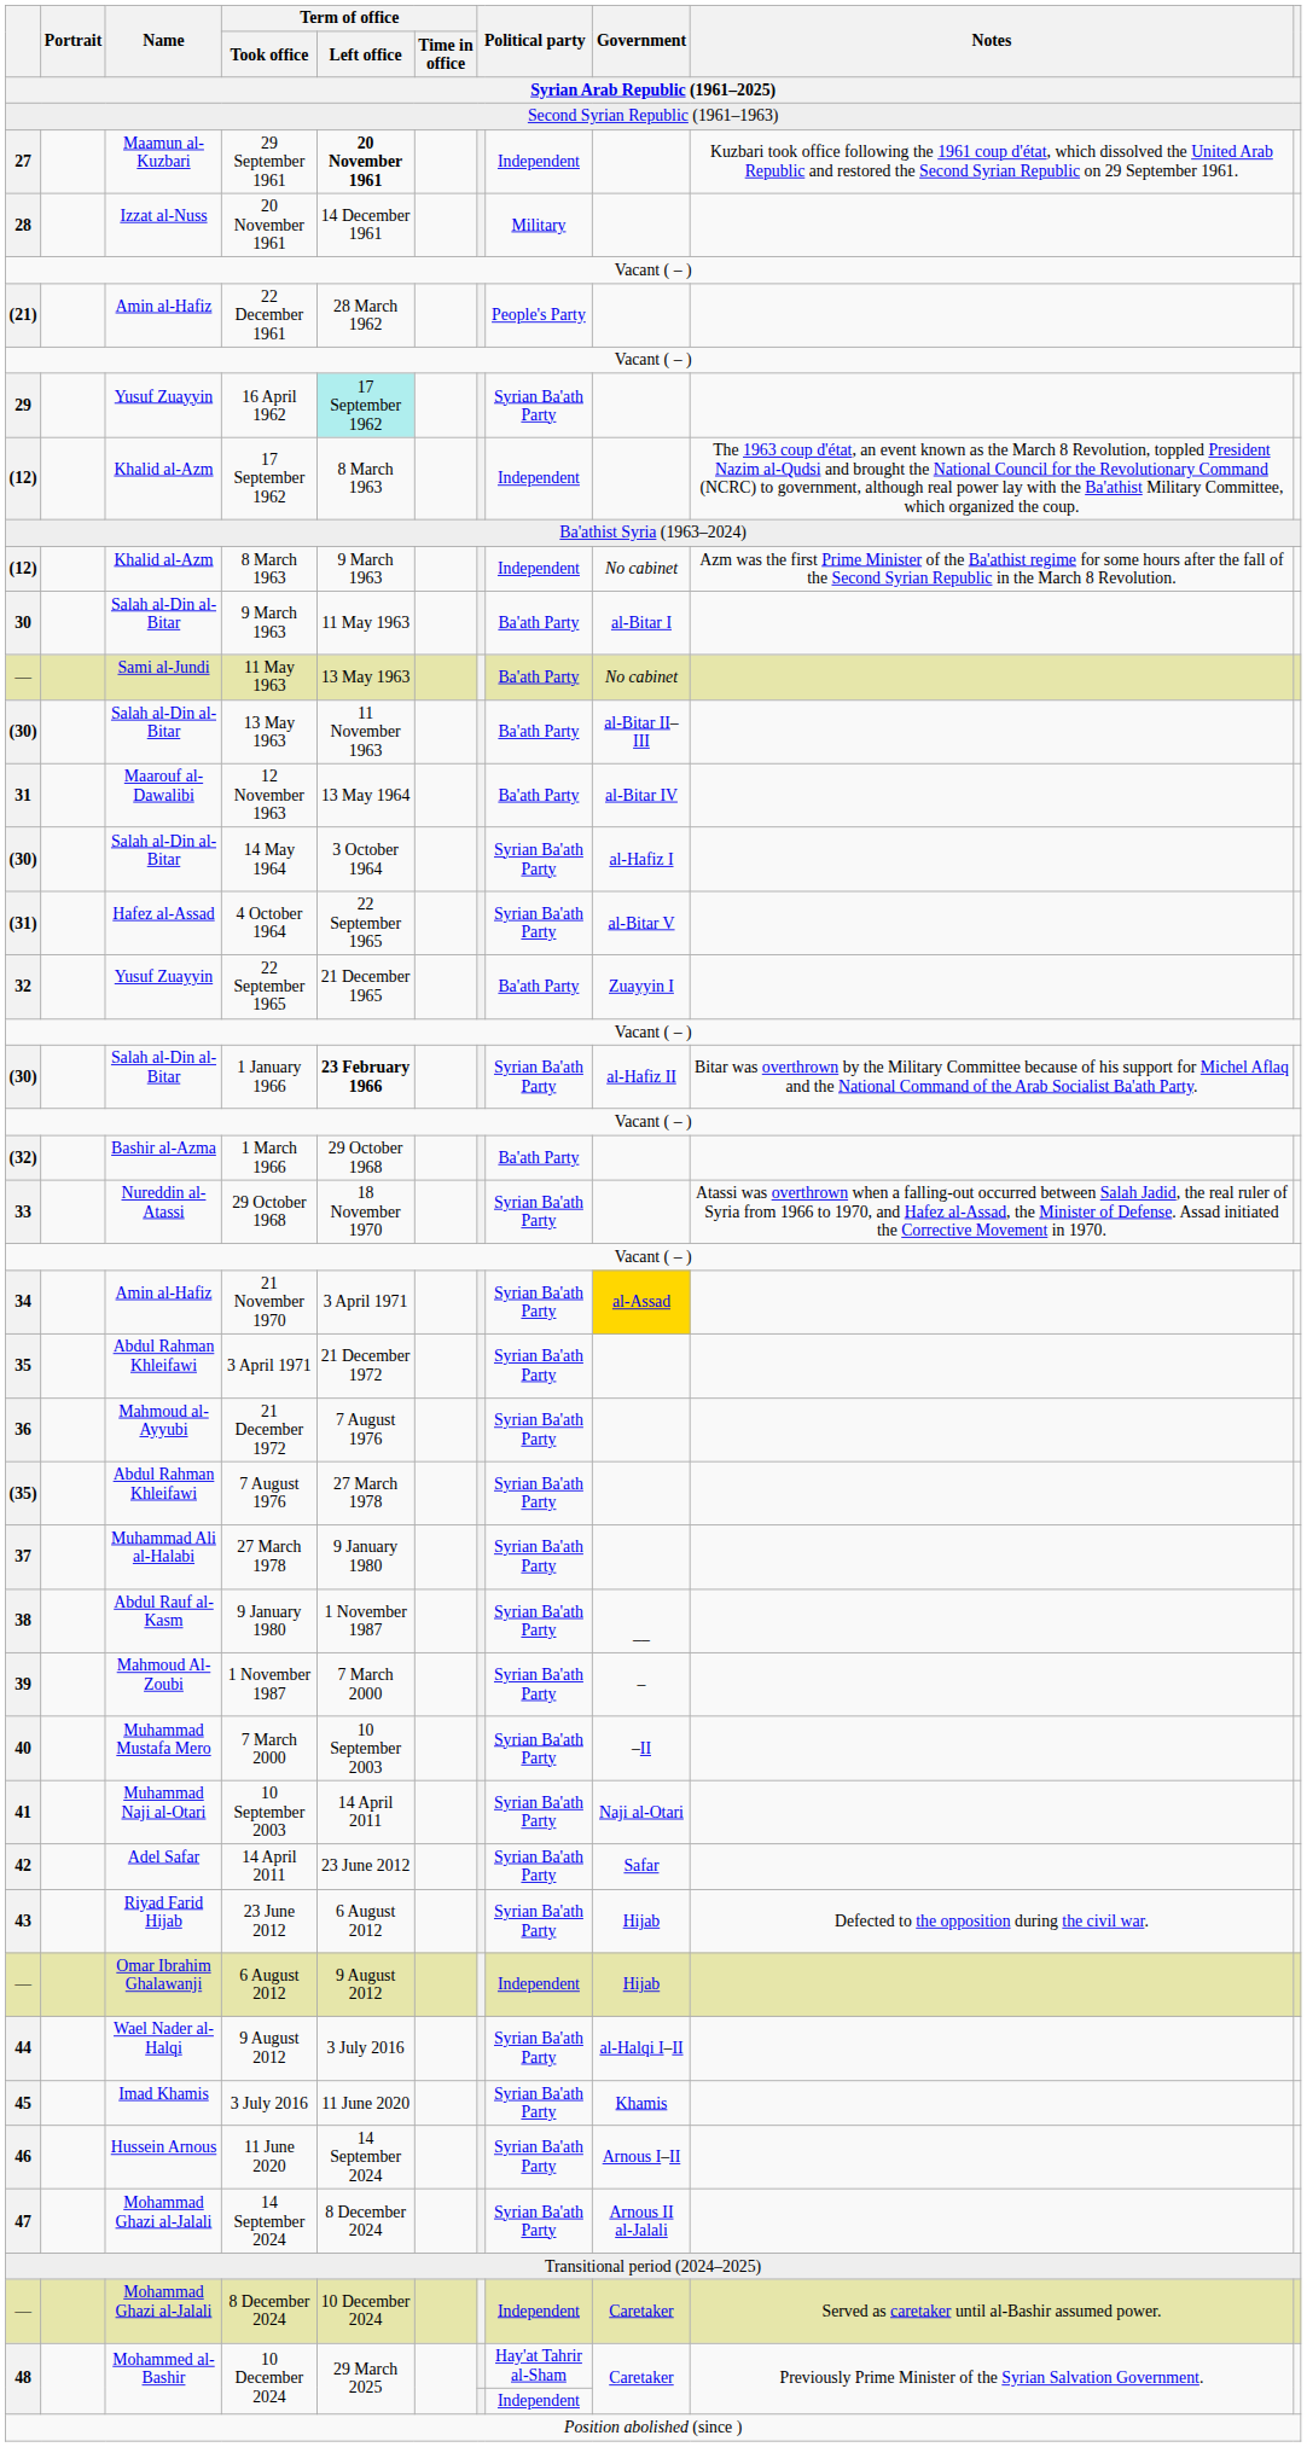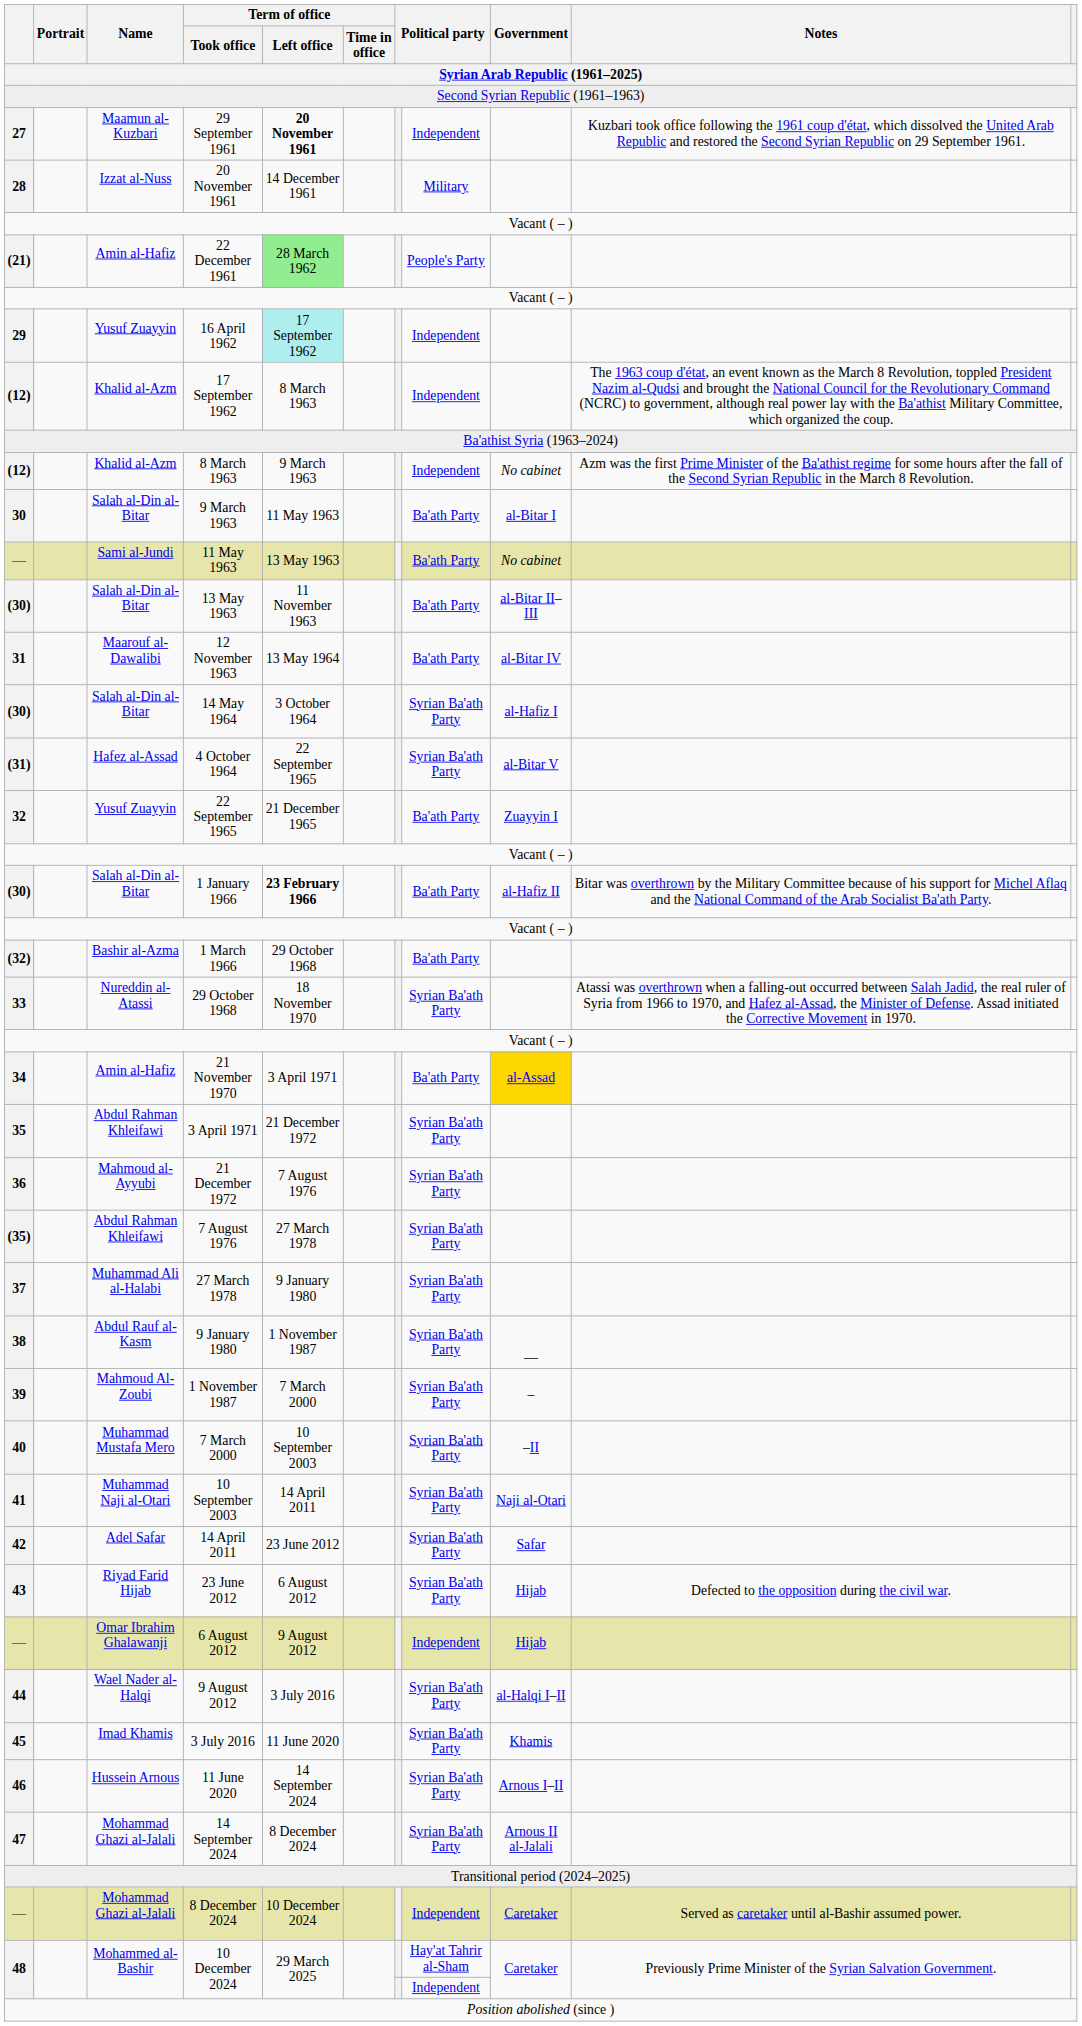 <table class="wikitable" style="text-align:center">
 <tr>
 <th rowspan="2"></th>
 <th rowspan="2">Portrait</th>
 <th rowspan="2">Name<br></th>
 <th colspan="3">Term of office</th>
 <th colspan="2" rowspan="2">Political party</th>
 <th rowspan="2">Government</th>
 <th rowspan="2">Notes</th>
 <th rowspan="2"></th>
 </tr>
 <tr>
 <th>Took office</th>
 <th>Left office</th>
 <th>Time in office</th>
 </tr>
 <tr>
 <th colspan="11"><a href='#'>Syrian Arab Republic</a> (1961–2025)</th>
 </tr>
 <tr>
 <td bgcolor=#EEEEEE colspan="11"><a href='#'>Second Syrian Republic</a> (1961–1963)</td>
 </tr>
 <tr>
 <th>27</th>
 <td></td>
 <td><a href='#'>Maamun al-Kuzbari</a><br><br></td>
 <td>29 September 1961</td>
 <td><strong>20 November 1961</strong></td>
 <td></td>
 <th style="background:"></th>
 <td><a href='#'>Independent</a></td>
 <td></td>
 <td>Kuzbari took office following the <a href='#'>1961 coup d'état</a>, which dissolved the <a href='#'>United Arab Republic</a> and restored the <a href='#'>Second Syrian Republic</a> on 29 September 1961.</td>
 <td></td>
 </tr>
 <tr>
 <th>28</th>
 <td></td>
 <td><a href='#'>Izzat al-Nuss</a><br><br></td>
 <td>20 November 1961</td>
 <td>14 December 1961</td>
 <td></td>
 <th style="background:"></th>
 <td><a href='#'>Military</a></td>
 <td><br></td>
 <td></td>
 <td></td>
 </tr>
 <tr>
 <td colspan="11">Vacant ( – )</td>
 </tr>
 <tr>
 <th>(21)</th>
 <td></td>
 <td><a href='#'>Amin al-Hafiz</a><br><br></td>
 <td>22 December 1961</td>
-<td>28 March 1962</td>
+<td style="background: lightgreen;">28 March 1962</td>
 <td></td>
 <th style="background:"></th>
 <td><a href='#'>People's Party</a></td>
 <td><br></td>
 <td></td>
 <td></td>
 </tr>
 <tr>
 <td colspan="11">Vacant ( – )</td>
 </tr>
 <tr>
 <th>29</th>
 <td></td>
 <td><a href='#'>Yusuf Zuayyin</a><br><br></td>
 <td>16 April 1962</td>
 <td style="background: paleturquoise;">17 September 1962</td>
 <td></td>
 <th style="background:"></th>
-<td><a href='#'>Syrian Ba'ath Party</a><br></td>
+<td><a href='#'>Independent</a></td>
 <td></td>
 <td></td>
 <td></td>
 </tr>
 <tr>
 <th>(12)</th>
 <td></td>
 <td><a href='#'>Khalid al-Azm</a><br><br></td>
 <td>17 September 1962</td>
 <td>8 March 1963</td>
 <td></td>
 <th style="background:"></th>
 <td><a href='#'>Independent</a></td>
 <td></td>
 <td>The <a href='#'>1963 coup d'état</a>, an event known as the March 8 Revolution, toppled <a href='#'>President</a> <a href='#'>Nazim al-Qudsi</a> and brought the <a href='#'>National Council for the Revolutionary Command</a> (NCRC) to government, although real power lay with the <a href='#'>Ba'athist</a> Military Committee, which organized the coup.</td>
 <td></td>
 </tr>
 <tr>
 <td bgcolor=#EEEEEE colspan="11"><a href='#'>Ba'athist Syria</a> (1963–2024)</td>
 </tr>
 <tr>
 <th>(12)</th>
 <td></td>
 <td><a href='#'>Khalid al-Azm</a><br><br></td>
 <td>8 March 1963</td>
 <td>9 March 1963</td>
 <td></td>
 <th style="background:"></th>
 <td><a href='#'>Independent</a></td>
 <td><em>No cabinet</em></td>
 <td>Azm was the first <a href='#'>Prime Minister</a> of the <a href='#'>Ba'athist regime</a> for some hours after the fall of the <a href='#'>Second Syrian Republic</a> in the March 8 Revolution.</td>
 <td></td>
 </tr>
 <tr>
 <th>30</th>
 <td></td>
 <td><a href='#'>Salah al-Din al-Bitar</a><br><br></td>
 <td>9 March 1963</td>
 <td>11 May 1963</td>
 <td></td>
 <th style="background:"></th>
 <td><a href='#'>Ba'ath Party</a><br></td>
 <td><a href='#'>al-Bitar I</a></td>
 <td></td>
 <td></td>
 </tr>
 <tr style="background-color:#E6E6AA">
 <td>—</td>
 <td></td>
 <td><a href='#'>Sami al-Jundi</a><br><br></td>
 <td>11 May 1963</td>
 <td>13 May 1963</td>
 <td></td>
 <th style="background:"></th>
 <td><a href='#'>Ba'ath Party</a><br></td>
 <td><em>No cabinet</em></td>
 <td></td>
 <td></td>
 </tr>
 <tr>
 <th>(30)</th>
 <td></td>
 <td><a href='#'>Salah al-Din al-Bitar</a><br><br></td>
 <td>13 May 1963</td>
 <td>11 November 1963</td>
 <td></td>
 <th style="background:"></th>
 <td><a href='#'>Ba'ath Party</a><br></td>
 <td><a href='#'>al-Bitar II</a>–<a href='#'>III</a></td>
 <td></td>
 <td></td>
 </tr>
 <tr>
 <th>31</th>
 <td></td>
 <td><a href='#'>Maarouf al-Dawalibi</a><br><br></td>
 <td>12 November 1963</td>
 <td>13 May 1964</td>
 <td></td>
 <th style="background:"></th>
 <td><a href='#'>Ba'ath Party</a><br></td>
 <td><a href='#'>al-Bitar IV</a></td>
 <td></td>
 <td></td>
 </tr>
 <tr>
 <th>(30)</th>
 <td></td>
 <td><a href='#'>Salah al-Din al-Bitar</a><br><br></td>
 <td>14 May 1964</td>
 <td>3 October 1964</td>
 <td></td>
 <th style="background:"></th>
 <td><a href='#'>Syrian Ba'ath Party</a><br></td>
 <td><a href='#'>al-Hafiz I</a></td>
 <td></td>
 <td></td>
 </tr>
 <tr>
 <th>(31)</th>
 <td></td>
 <td><a href='#'>Hafez al-Assad</a><br><br></td>
 <td>4 October 1964</td>
 <td>22 September 1965</td>
 <td></td>
 <th style="background:"></th>
 <td><a href='#'>Syrian Ba'ath Party</a><br></td>
 <td><a href='#'>al-Bitar V</a></td>
 <td></td>
 <td></td>
 </tr>
 <tr>
 <th>32</th>
 <td></td>
 <td><a href='#'>Yusuf Zuayyin</a><br><br></td>
 <td>22 September 1965</td>
 <td>21 December 1965</td>
 <td></td>
 <th style="background:"></th>
 <td><a href='#'>Ba'ath Party</a><br></td>
 <td><a href='#'>Zuayyin I</a><br></td>
 <td></td>
 <td></td>
 </tr>
 <tr>
 <td colspan="11">Vacant ( – )</td>
 </tr>
 <tr>
 <th>(30)</th>
 <td></td>
 <td><a href='#'>Salah al-Din al-Bitar</a><br><br></td>
 <td>1 January 1966</td>
 <td><strong>23 February 1966</strong></td>
 <td></td>
 <th style="background:"></th>
-<td><a href='#'>Syrian Ba'ath Party</a><br></td>
+<td><a href='#'>Ba'ath Party</a><br></td>
 <td><a href='#'>al-Hafiz II</a></td>
 <td>Bitar was <a href='#'>overthrown</a> by the Military Committee because of his support for <a href='#'>Michel Aflaq</a> and the <a href='#'>National Command of the Arab Socialist Ba'ath Party</a>.</td>
 <td></td>
 </tr>
 <tr>
 <td colspan="11">Vacant ( – )</td>
 </tr>
 <tr>
 <th>(32)</th>
 <td></td>
 <td><a href='#'>Bashir al-Azma</a><br><br></td>
 <td>1 March 1966</td>
 <td>29 October 1968</td>
 <td></td>
 <th style="background:"></th>
 <td><a href='#'>Ba'ath Party</a><br></td>
 <td><br></td>
 <td></td>
 <td></td>
 </tr>
 <tr>
 <th>33</th>
 <td></td>
 <td><a href='#'>Nureddin al-Atassi</a><br><br></td>
 <td>29 October 1968</td>
 <td>18 November 1970</td>
 <td></td>
 <th style="background:"></th>
 <td><a href='#'>Syrian Ba'ath Party</a><br></td>
 <td><br></td>
 <td>Atassi was <a href='#'>overthrown</a> when a falling-out occurred between <a href='#'>Salah Jadid</a>, the real ruler of Syria from 1966 to 1970, and <a href='#'>Hafez al-Assad</a>, the <a href='#'>Minister of Defense</a>. Assad initiated the <a href='#'>Corrective Movement</a> in 1970.</td>
 <td></td>
 </tr>
 <tr>
 <td colspan="11">Vacant ( – )</td>
 </tr>
 <tr>
 <th>34</th>
 <td></td>
 <td><a href='#'>Amin al-Hafiz</a><br><br></td>
 <td>21 November 1970</td>
 <td>3 April 1971</td>
 <td></td>
 <th style="background:"></th>
-<td><a href='#'>Syrian Ba'ath Party</a><br></td>
+<td><a href='#'>Ba'ath Party</a><br></td>
 <td style="background: gold;"><a href='#'>al-Assad</a></td>
 <td></td>
 <td></td>
 </tr>
 <tr>
 <th>35</th>
 <td></td>
 <td><a href='#'>Abdul Rahman Khleifawi</a><br><br></td>
 <td>3 April 1971</td>
 <td>21 December 1972</td>
 <td></td>
 <th style="background:"></th>
 <td><a href='#'>Syrian Ba'ath Party</a><br></td>
 <td></td>
 <td></td>
 <td></td>
 </tr>
 <tr>
 <th>36</th>
 <td></td>
 <td><a href='#'>Mahmoud al-Ayyubi</a><br><br></td>
 <td>21 December 1972</td>
 <td>7 August 1976</td>
 <td></td>
 <th style="background:"></th>
 <td><a href='#'>Syrian Ba'ath Party</a><br></td>
 <td><br><br></td>
 <td></td>
 <td></td>
 </tr>
 <tr>
 <th>(35)</th>
 <td></td>
 <td><a href='#'>Abdul Rahman Khleifawi</a><br><br></td>
 <td>7 August 1976</td>
 <td>27 March 1978</td>
 <td></td>
 <th style="background:"></th>
 <td><a href='#'>Syrian Ba'ath Party</a><br></td>
 <td></td>
 <td></td>
 <td></td>
 </tr>
 <tr>
 <th>37</th>
 <td></td>
 <td><a href='#'>Muhammad Ali al-Halabi</a><br><br></td>
 <td>27 March 1978</td>
 <td>9 January 1980</td>
 <td></td>
 <th style="background:"></th>
 <td><a href='#'>Syrian Ba'ath Party</a><br></td>
 <td><br><br></td>
 <td></td>
 <td></td>
 </tr>
 <tr>
 <th>38</th>
 <td></td>
 <td><a href='#'>Abdul Rauf al-Kasm</a><br><br></td>
 <td>9 January 1980</td>
 <td>1 November 1987</td>
 <td></td>
 <th style="background:"></th>
 <td><a href='#'>Syrian Ba'ath Party</a><br></td>
 <td><br><br>––</td>
 <td></td>
 <td></td>
 </tr>
 <tr>
 <th>39</th>
 <td></td>
 <td><a href='#'>Mahmoud Al-Zoubi</a><br><br></td>
 <td>1 November 1987</td>
 <td>7 March 2000</td>
 <td></td>
 <th style="background:"></th>
 <td><a href='#'>Syrian Ba'ath Party</a><br></td>
 <td>–</td>
 <td></td>
 <td></td>
 </tr>
 <tr>
 <th>40</th>
 <td></td>
 <td><a href='#'>Muhammad Mustafa Mero</a><br><br></td>
 <td>7 March 2000</td>
 <td>10 September 2003</td>
 <td></td>
 <th style="background:"></th>
 <td><a href='#'>Syrian Ba'ath Party</a><br></td>
 <td>–<a href='#'>II</a></td>
 <td></td>
 <td></td>
 </tr>
 <tr>
 <th>41</th>
 <td></td>
 <td><a href='#'>Muhammad Naji al-Otari</a><br><br></td>
 <td>10 September 2003</td>
 <td>14 April 2011</td>
 <td></td>
 <th style="background:"></th>
 <td><a href='#'>Syrian Ba'ath Party</a><br></td>
 <td><a href='#'>Naji al-Otari</a></td>
 <td></td>
 <td></td>
 </tr>
 <tr>
 <th>42</th>
 <td></td>
 <td><a href='#'>Adel Safar</a><br><br></td>
 <td>14 April 2011</td>
 <td>23 June 2012</td>
 <td></td>
 <th style="background:"></th>
 <td><a href='#'>Syrian Ba'ath Party</a><br></td>
 <td><a href='#'>Safar</a></td>
 <td></td>
 <td></td>
 </tr>
 <tr>
 <th>43</th>
 <td></td>
 <td><a href='#'>Riyad Farid Hijab</a><br><br></td>
 <td>23 June 2012</td>
 <td>6 August 2012</td>
 <td></td>
 <th style="background:"></th>
 <td><a href='#'>Syrian Ba'ath Party</a><br></td>
 <td><a href='#'>Hijab</a></td>
 <td>Defected to <a href='#'>the opposition</a> during <a href='#'>the civil war</a>.</td>
 <td></td>
 </tr>
 <tr style="background-color:#E6E6AA">
 <td>—</td>
 <td></td>
 <td><a href='#'>Omar Ibrahim Ghalawanji</a><br><br></td>
 <td>6 August 2012</td>
 <td>9 August 2012</td>
 <td></td>
 <th style="background:"></th>
 <td><a href='#'>Independent</a></td>
 <td><a href='#'>Hijab</a></td>
 <td></td>
 <td></td>
 </tr>
 <tr>
 <th>44</th>
 <td></td>
 <td><a href='#'>Wael Nader al-Halqi</a><br><br></td>
 <td>9 August 2012</td>
 <td>3 July 2016</td>
 <td></td>
 <th style="background:"></th>
 <td><a href='#'>Syrian Ba'ath Party</a><br></td>
 <td><a href='#'>al-Halqi I</a>–<a href='#'>II</a></td>
 <td></td>
 <td></td>
 </tr>
 <tr>
 <th>45</th>
 <td></td>
 <td><a href='#'>Imad Khamis</a><br><br></td>
 <td>3 July 2016</td>
 <td>11 June 2020</td>
 <td></td>
 <th style="background:"></th>
 <td><a href='#'>Syrian Ba'ath Party</a><br></td>
 <td><a href='#'>Khamis</a></td>
 <td></td>
 <td></td>
 </tr>
 <tr>
 <th>46</th>
 <td></td>
 <td><a href='#'>Hussein Arnous</a><br><br></td>
 <td>11 June 2020</td>
 <td>14 September 2024</td>
 <td></td>
 <th style="background:"></th>
 <td><a href='#'>Syrian Ba'ath Party</a><br></td>
 <td><a href='#'>Arnous I</a>–<a href='#'>II</a></td>
 <td></td>
 <td></td>
 </tr>
 <tr>
 <th>47</th>
 <td></td>
 <td><a href='#'>Mohammad Ghazi al-Jalali</a><br><br></td>
 <td>14 September 2024</td>
 <td>8 December 2024</td>
 <td></td>
 <th style="background:"></th>
 <td><a href='#'>Syrian Ba'ath Party</a><br></td>
 <td><a href='#'>Arnous II</a><br><a href='#'>al-Jalali</a></td>
 <td></td>
 <td></td>
 </tr>
 <tr>
 <td bgcolor=#EEEEEE colspan="11">Transitional period (2024–2025)</td>
 </tr>
 <tr style="background-color:#E6E6AA">
 <td>—</td>
 <td></td>
 <td><a href='#'>Mohammad Ghazi al-Jalali</a><br><br></td>
 <td>8 December 2024</td>
 <td>10 December 2024</td>
 <td></td>
 <th style="background:"></th>
 <td><a href='#'>Independent</a></td>
 <td><a href='#'>Caretaker</a></td>
 <td>Served as <a href='#'>caretaker</a> until al-Bashir assumed power.</td>
 <td></td>
 </tr>
 <tr>
 <th rowspan="2">48</th>
 <td rowspan="2"></td>
 <td rowspan="2"><a href='#'>Mohammed al-Bashir</a><br><br></td>
 <td rowspan="2">10 December 2024</td>
 <td rowspan="2">29 March 2025</td>
 <td rowspan="2"></td>
 <th style="background:"></th>
 <td><a href='#'>Hay'at Tahrir al-Sham</a></td>
 <td rowspan="2"><a href='#'>Caretaker</a></td>
 <td rowspan="2">Previously Prime Minister of the <a href='#'>Syrian Salvation Government</a>.</td>
 <td rowspan="2"></td>
 </tr>
 <tr>
 <th style="background:"></th>
 <td><a href='#'>Independent</a></td>
 </tr>
 <tr>
 <td colspan="11"><em>Position abolished</em> (since )</td>
 </tr>
 </table>
